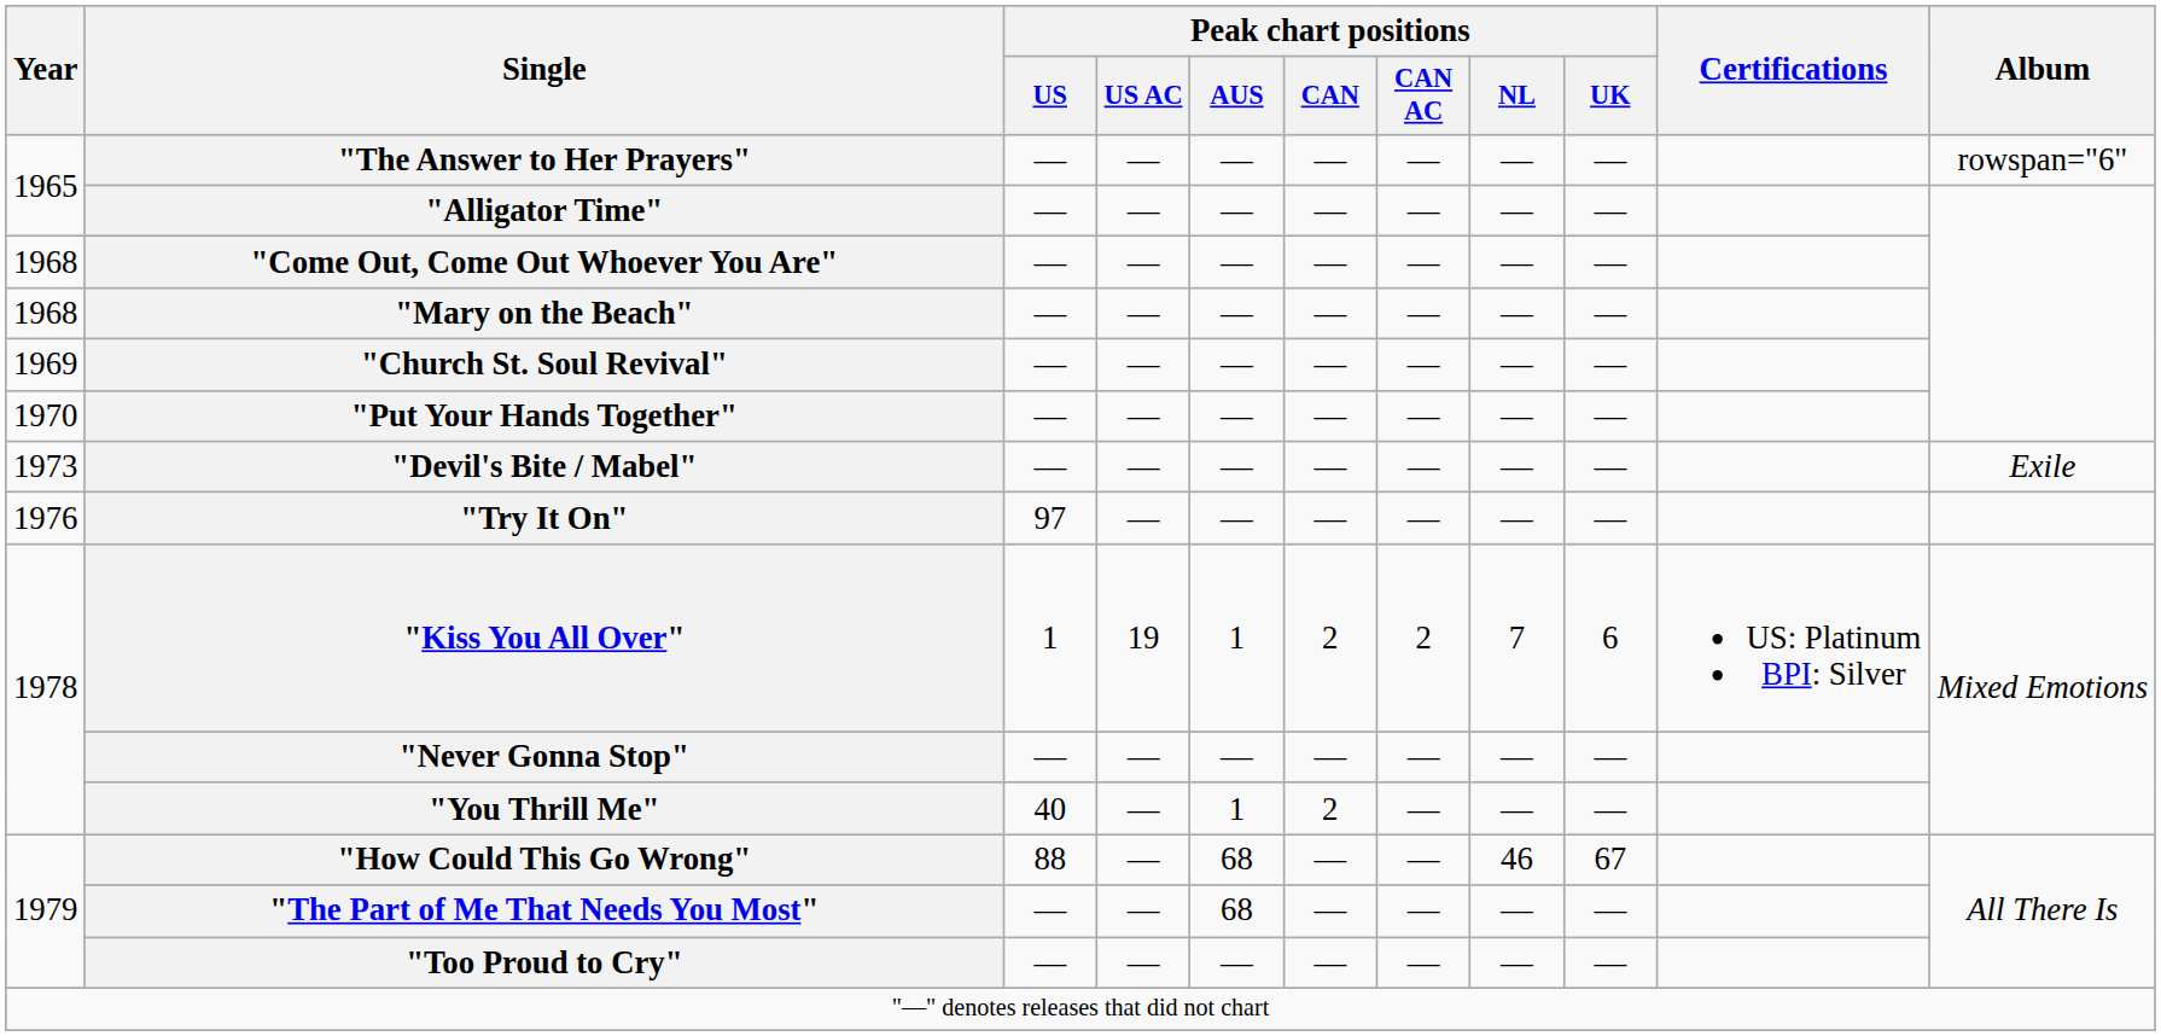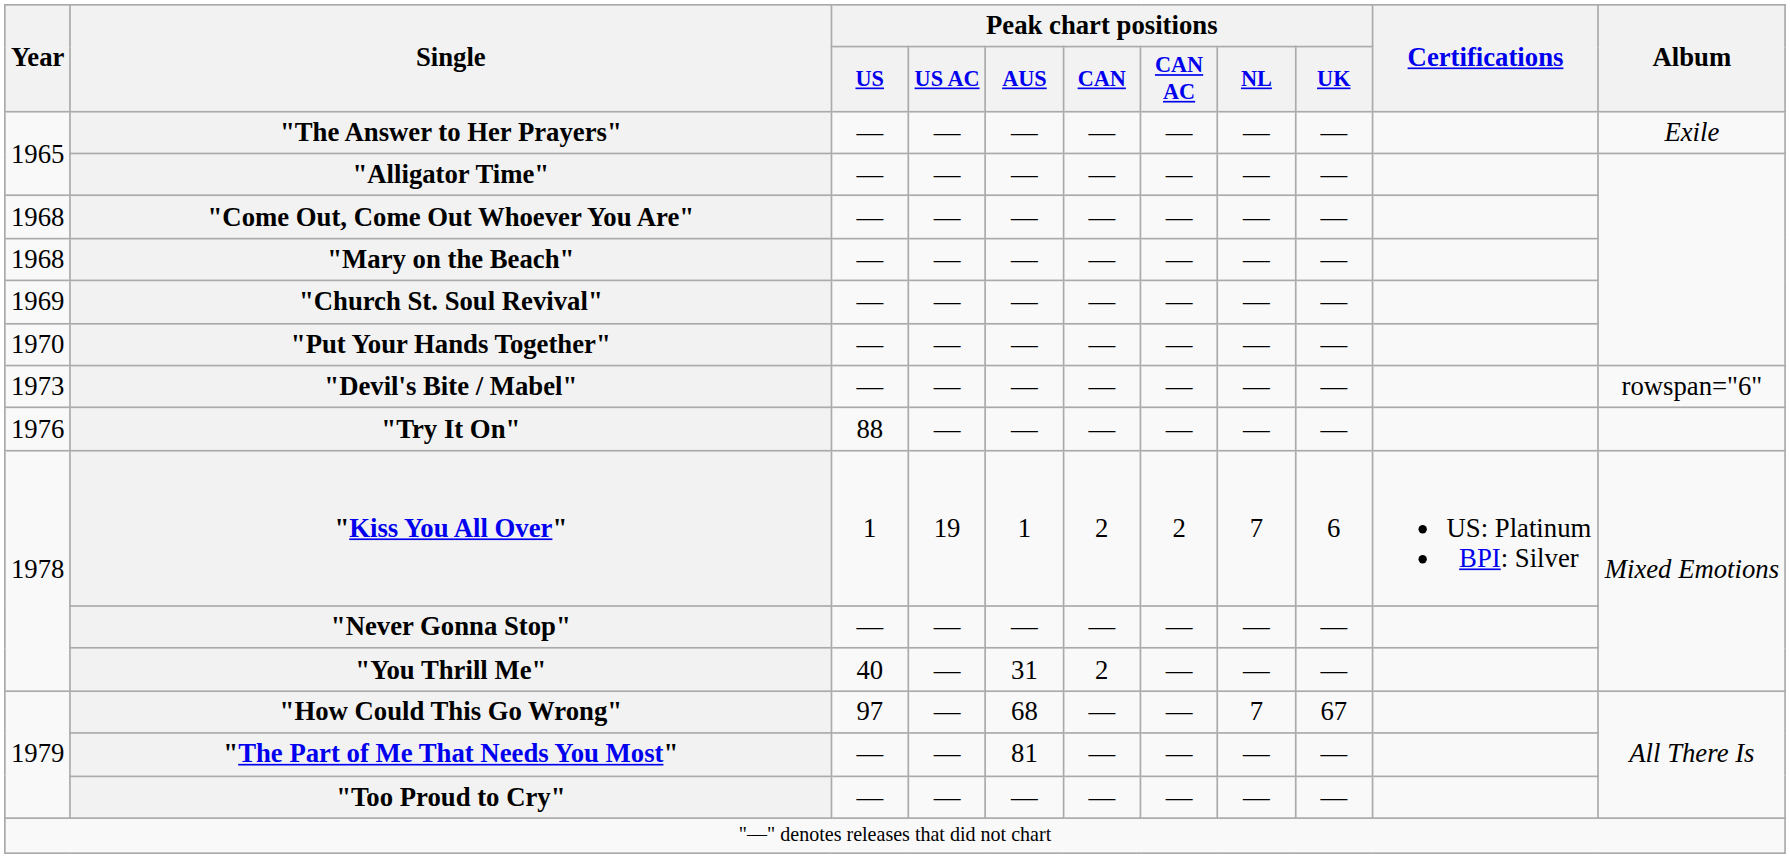 <table class="wikitable plainrowheaders" style="text-align:center;">
 <tr>
 <th rowspan="2">Year</th>
 <th rowspan="2" style="width:28em;">Single</th>
 <th colspan="7">Peak chart positions</th>
 <th rowspan="2" style="width:8em;"><a href='#'>Certifications</a></th>
 <th rowspan="2">Album</th>
 </tr>
 <tr style="font-size:smaller;">
 <th width="40"><a href='#'>US</a><br></th>
 <th width="40"><a href='#'>US AC</a><br></th>
 <th width="40"><a href='#'>AUS</a><br></th>
 <th width="40"><a href='#'>CAN</a><br></th>
 <th width="40"><a href='#'>CAN AC</a><br></th>
 <th width="40"><a href='#'>NL</a><br></th>
 <th width="40"><a href='#'>UK</a><br></th>
 </tr>
 <tr>
 <td rowspan=2>1965</td>
 <th scope="row">"The Answer to Her Prayers" </th>
 <td>—</td>
 <td>—</td>
 <td>—</td>
 <td>—</td>
 <td>—</td>
 <td>—</td>
 <td>—</td>
 <td></td>
-<td>rowspan="6" </td>
+<td><em>Exile</em> </td>
 </tr>
 <tr>
 <th scope="row">"Alligator Time" </th>
 <td>—</td>
 <td>—</td>
 <td>—</td>
 <td>—</td>
 <td>—</td>
 <td>—</td>
 <td>—</td>
 <td></td>
 </tr>
 <tr>
 <td>1968</td>
 <th scope="row">"Come Out, Come Out Whoever You Are" </th>
 <td>—</td>
 <td>—</td>
 <td>—</td>
 <td>—</td>
 <td>—</td>
 <td>—</td>
 <td>—</td>
 <td></td>
 </tr>
 <tr>
 <td>1968</td>
 <th scope="row">"Mary on the Beach" </th>
 <td>—</td>
 <td>—</td>
 <td>—</td>
 <td>—</td>
 <td>—</td>
 <td>—</td>
 <td>—</td>
 <td></td>
 </tr>
 <tr>
 <td>1969</td>
 <th scope="row">"Church St. Soul Revival" </th>
 <td>—</td>
 <td>—</td>
 <td>—</td>
 <td>—</td>
 <td>—</td>
 <td>—</td>
 <td>—</td>
 <td></td>
 </tr>
 <tr>
 <td>1970</td>
 <th scope="row">"Put Your Hands Together" </th>
 <td>—</td>
 <td>—</td>
 <td>—</td>
 <td>—</td>
 <td>—</td>
 <td>—</td>
 <td>—</td>
 <td></td>
 </tr>
 <tr>
 <td>1973</td>
 <th scope="row">"Devil's Bite / Mabel"</th>
 <td>—</td>
 <td>—</td>
 <td>—</td>
 <td>—</td>
 <td>—</td>
 <td>—</td>
 <td>—</td>
 <td></td>
-<td><em>Exile</em> </td>
+<td>rowspan="6" </td>
 </tr>
 <tr>
 <td>1976</td>
 <th scope="row">"Try It On"</th>
-<td>97</td>
+<td>88</td>
 <td>—</td>
 <td>—</td>
 <td>—</td>
 <td>—</td>
 <td>—</td>
 <td>—</td>
 <td></td>
 <td></td>
 </tr>
 <tr>
 <td rowspan="3">1978</td>
 <th scope="row">"<a href='#'>Kiss You All Over</a>"</th>
 <td>1</td>
 <td>19</td>
 <td>1</td>
 <td>2</td>
 <td>2</td>
 <td>7</td>
 <td>6</td>
 <td><br><ul><li>US: Platinum</li><li><a href='#'>BPI</a>: Silver</li></ul></td>
 <td rowspan="3"><em>Mixed Emotions</em></td>
 </tr>
 <tr>
 <th scope="row">"Never Gonna Stop"</th>
 <td>—</td>
 <td>—</td>
 <td>—</td>
 <td>—</td>
 <td>—</td>
 <td>—</td>
 <td>—</td>
 <td></td>
 </tr>
 <tr>
 <th scope="row">"You Thrill Me"</th>
 <td>40</td>
 <td>—</td>
-<td>1</td>
+<td>31</td>
 <td>2</td>
 <td>—</td>
 <td>—</td>
 <td>—</td>
 <td></td>
 </tr>
 <tr>
 <td rowspan="3">1979</td>
 <th scope="row">"How Could This Go Wrong"</th>
-<td>88</td>
+<td>97</td>
 <td>—</td>
 <td>68</td>
 <td>—</td>
 <td>—</td>
-<td>46</td>
+<td>7</td>
 <td>67</td>
 <td></td>
 <td rowspan="3"><em>All There Is</em></td>
 </tr>
 <tr>
 <th scope="row">"<a href='#'>The Part of Me That Needs You Most</a>"</th>
 <td>—</td>
 <td>—</td>
-<td>68</td>
+<td>81</td>
 <td>—</td>
 <td>—</td>
 <td>—</td>
 <td>—</td>
 <td></td>
 </tr>
 <tr>
 <th scope="row">"Too Proud to Cry"</th>
 <td>—</td>
 <td>—</td>
 <td>—</td>
 <td>—</td>
 <td>—</td>
 <td>—</td>
 <td>—</td>
 <td></td>
 </tr>
 <tr>
 <td colspan="11" style="font-size:9pt">"—" denotes releases that did not chart</td>
 </tr>
 </table>
